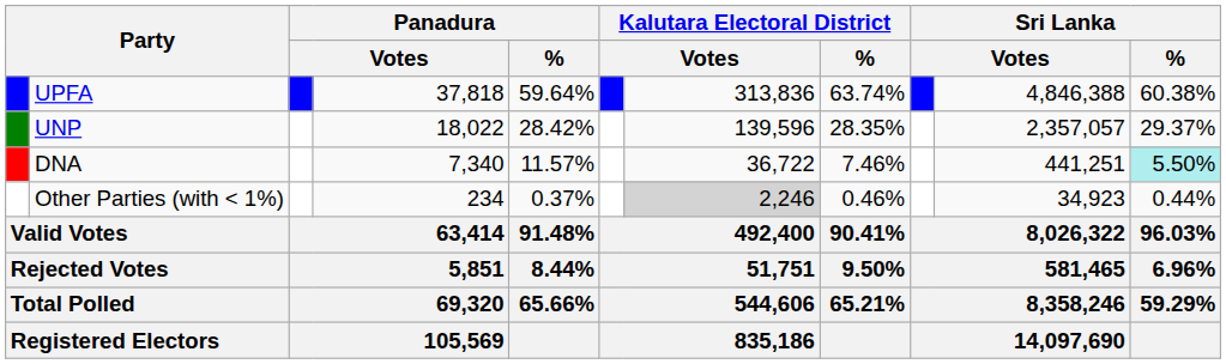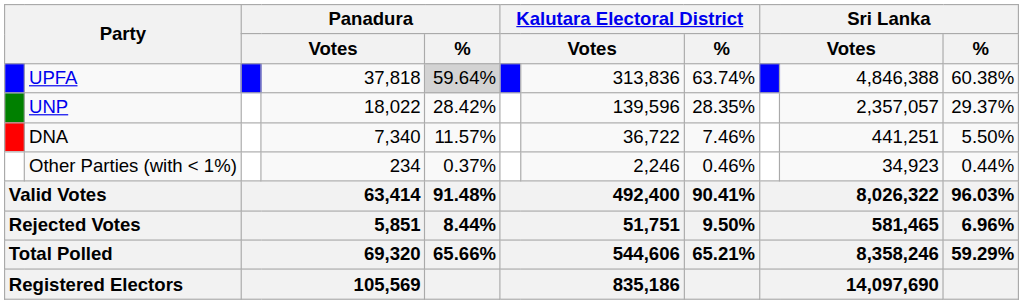 <table class="wikitable">
 <tr>
 <th colspan="2" width="144px"rowspan="2">Party</th>
 <th colspan="3" width="216px">Panadura</th>
 <th colspan="3" width="216px"><a href='#'>Kalutara Electoral District</a></th>
 <th colspan="3" width="216px">Sri Lanka</th>
 </tr>
 <tr>
 <th colspan="2" width="144px">Votes</th>
 <th>%</th>
 <th colspan="2" width="144px">Votes</th>
 <th>%</th>
 <th colspan="2" width="144px">Votes</th>
 <th>%</th>
 </tr>
 <tr>
 <td style="background-color:blue;" width="10px"></td>
 <td style="text-align:left;"><a href='#'>UPFA</a></td>
 <td style="background-color:blue;" width="10px"></td>
 <td style="text-align:right;">37,818</td>
-<td style="text-align:right;">59.64%</td>
+<td style="background: lightgrey; text-align:right;">59.64%</td>
 <td style="background-color:blue;" width="10px"></td>
 <td style="text-align:right;">313,836</td>
 <td style="text-align:right;">63.74%</td>
 <td style="background-color:blue;" width="10px"></td>
 <td style="text-align:right;">4,846,388</td>
 <td style="text-align:right;">60.38%</td>
 </tr>
 <tr>
 <td style="background-color:green;" width="10px"></td>
 <td style="text-align:left;"><a href='#'>UNP</a></td>
 <td style="background-color:white;" width="10px"></td>
 <td style="text-align:right;">18,022</td>
 <td style="text-align:right;">28.42%</td>
 <td style="background-color:white;" width="10px"></td>
 <td style="text-align:right;">139,596</td>
 <td style="text-align:right;">28.35%</td>
 <td style="background-color:white;" width="10px"></td>
 <td style="text-align:right;">2,357,057</td>
 <td style="text-align:right;">29.37%</td>
 </tr>
 <tr>
 <td style="background-color:red;" width="10px"></td>
 <td style="text-align:left;">DNA</td>
 <td style="background-color:white;" width="10px"></td>
 <td style="text-align:right;">7,340</td>
 <td style="text-align:right;">11.57%</td>
 <td style="background-color:white;" width="10px"></td>
 <td style="text-align:right;">36,722</td>
 <td style="text-align:right;">7.46%</td>
 <td style="background-color:white;" width="10px"></td>
 <td style="text-align:right;">441,251</td>
-<td style="background: paleturquoise; text-align:right;">5.50%</td>
+<td style="text-align:right;">5.50%</td>
 </tr>
 <tr>
 <td style="background-color:white;" width="10px"></td>
 <td style="text-align:left;">Other Parties (with < 1%)</td>
 <td style="background-color:white;" width="10px"></td>
 <td style="text-align:right;">234</td>
 <td style="text-align:right;">0.37%</td>
 <td style="background-color:white;" width="10px"></td>
-<td style="background: lightgrey; text-align:right;">2,246</td>
+<td style="text-align:right;">2,246</td>
 <td style="text-align:right;">0.46%</td>
 <td style="background-color:white;" width="10px"></td>
 <td style="text-align:right;">34,923</td>
 <td style="text-align:right;">0.44%</td>
 </tr>
 <tr>
 <th colspan="2" width="144px"style="text-align:left;">Valid Votes</th>
 <th style="text-align:right;"colspan="2" width="144px">63,414</th>
 <th style="text-align:right;">91.48%</th>
 <th style="text-align:right;"colspan="2" width="144px">492,400</th>
 <th style="text-align:right;">90.41%</th>
 <th style="text-align:right;"colspan="2" width="144px">8,026,322</th>
 <th style="text-align:right;">96.03%</th>
 </tr>
 <tr>
 <th colspan="2" width="144px"style="text-align:left;">Rejected Votes</th>
 <th style="text-align:right;"colspan="2" width="144px">5,851</th>
 <th style="text-align:right;">8.44%</th>
 <th style="text-align:right;"colspan="2" width="144px">51,751</th>
 <th style="text-align:right;">9.50%</th>
 <th style="text-align:right;"colspan="2" width="144px">581,465</th>
 <th style="text-align:right;">6.96%</th>
 </tr>
 <tr>
 <th colspan="2" width="144px"style="text-align:left;">Total Polled</th>
 <th style="text-align:right;"colspan="2" width="144px">69,320</th>
 <th style="text-align:right;">65.66%</th>
 <th style="text-align:right;"colspan="2" width="144px">544,606</th>
 <th style="text-align:right;">65.21%</th>
 <th style="text-align:right;"colspan="2" width="144px">8,358,246</th>
 <th style="text-align:right;">59.29%</th>
 </tr>
 <tr>
 <th colspan="2" width="144px"style="text-align:left;">Registered Electors</th>
 <th style="text-align:right;"colspan="2" width="144px">105,569</th>
 <th></th>
 <th style="text-align:right;"colspan="2" width="144px">835,186</th>
 <th></th>
 <th style="text-align:right;"colspan="2" width="144px">14,097,690</th>
 <th></th>
 </tr>
 </table>
